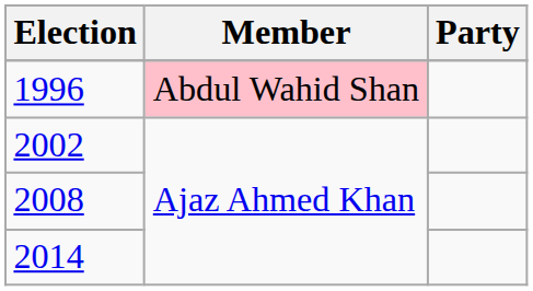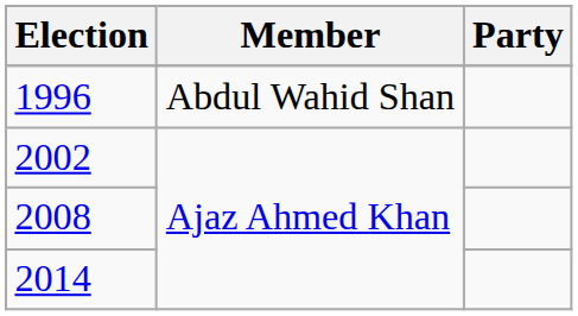 <table class="wikitable sortable">
 <tr>
 <th>Election</th>
 <th>Member</th>
 <th colspan=2>Party</th>
 </tr>
 <tr>
 </tr>
 <tr>
 <td><a href='#'>1996</a></td>
-<td style="background: pink;">Abdul Wahid Shan</td>
+<td>Abdul Wahid Shan</td>
 <td></td>
 </tr>
 <tr>
 <td><a href='#'>2002</a></td>
 <td rowspan=3><a href='#'>Ajaz Ahmed Khan</a></td>
 <td></td>
 </tr>
 <tr>
 <td><a href='#'>2008</a></td>
 <td></td>
 </tr>
 <tr>
 <td><a href='#'>2014</a></td>
 </tr>
 </table>
